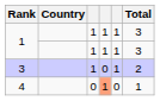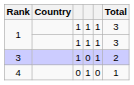 <table class="wikitable" style="text-align: center; font-size: 95%">
 <tr>
 <th>Rank</th>
 <th>Country</th>
 <th></th>
 <th></th>
 <th></th>
 <th>Total</th>
 </tr>
 <tr>
 <td rowspan=2>1</td>
 <td style="text-align: left"></td>
 <td>1</td>
 <td>1</td>
 <td>1</td>
 <td>3</td>
 </tr>
 <tr>
 <td style="text-align: left"></td>
 <td>1</td>
 <td>1</td>
 <td>1</td>
 <td>3</td>
 </tr>
 <tr style="background: #ccccff">
 <td>3</td>
 <td style="text-align: left"></td>
 <td>1</td>
 <td>0</td>
 <td>1</td>
 <td>2</td>
 </tr>
 <tr>
 <td>4</td>
 <td style="text-align: left"></td>
 <td>0</td>
-<td style="background: lightsalmon;">1</td>
+<td>1</td>
 <td>0</td>
 <td>1</td>
 </tr>
 </table>
